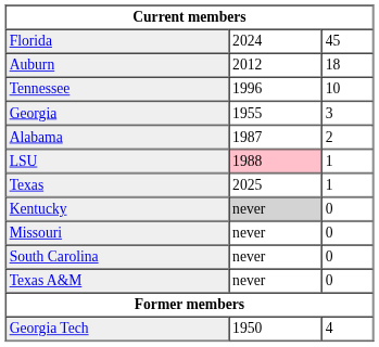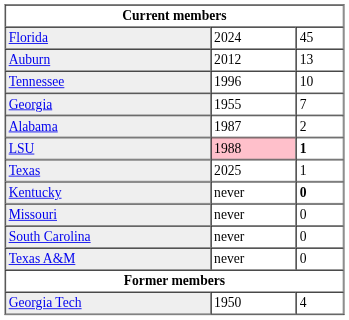 <table border="1" cellpadding="3" cellspacing="0" align="right" width="400px">
 <tr>
 </tr>
 <tr>
 <td colspan=3 align="center"><strong>Current members</strong></td>
 </tr>
 <tr>
 <td bgcolor="#efefef"><a href='#'>Florida</a></td>
 <td>2024</td>
 <td>45</td>
 </tr>
 <tr>
 <td bgcolor="#efefef"><a href='#'>Auburn</a></td>
 <td>2012</td>
-<td>18</td>
+<td>13</td>
 </tr>
 <tr>
 <td bgcolor="#efefef"><a href='#'>Tennessee</a></td>
 <td>1996</td>
 <td>10</td>
 </tr>
 <tr>
 <td bgcolor="#efefef"><a href='#'>Georgia</a></td>
 <td>1955</td>
-<td>3</td>
+<td>7</td>
 </tr>
 <tr>
 <td bgcolor="#efefef"><a href='#'>Alabama</a></td>
 <td>1987</td>
 <td>2</td>
 </tr>
 <tr>
 <td bgcolor="#efefef"><a href='#'>LSU</a></td>
 <td style="background: pink;">1988</td>
-<td>1</td>
+<td><strong>1</strong></td>
 </tr>
 <tr>
 <td bgcolor=#efefef><a href='#'>Texas</a></td>
 <td>2025</td>
 <td>1</td>
 </tr>
 <tr>
 <td bgcolor="#efefef"><a href='#'>Kentucky</a></td>
-<td style="background: lightgrey;">never</td>
-<td>0</td>
+<td>never</td>
+<td><strong>0</strong></td>
 </tr>
 <tr>
 <td bgcolor="#efefef"><a href='#'>Missouri</a></td>
 <td>never</td>
 <td>0</td>
 </tr>
 <tr>
 <td bgcolor="#efefef"><a href='#'>South Carolina</a></td>
 <td>never</td>
 <td>0</td>
 </tr>
 <tr>
 <td bgcolor="#efefef"><a href='#'>Texas A&M</a></td>
 <td>never</td>
 <td>0</td>
 </tr>
 <tr>
 <td colspan=5 align="center"><strong>Former members</strong></td>
 </tr>
 <tr>
 <td bgcolor="#efefef"><a href='#'>Georgia Tech</a></td>
 <td>1950</td>
 <td>4</td>
 </tr>
 </table>
